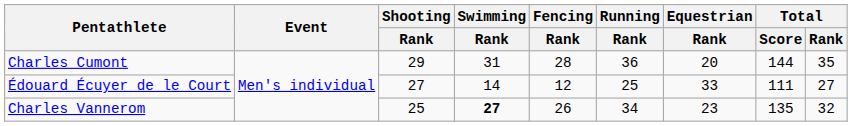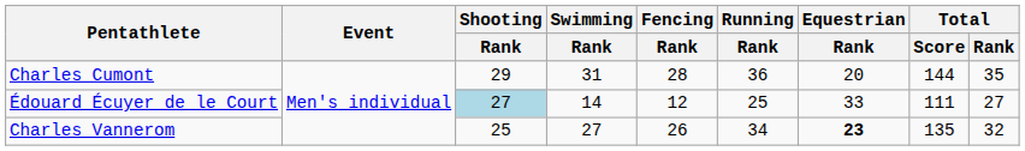 <table class=wikitable style="text-align:center">
 <tr>
 <th rowspan=2>Pentathlete</th>
 <th rowspan=2>Event</th>
 <th>Shooting</th>
 <th>Swimming</th>
 <th>Fencing</th>
 <th>Running</th>
 <th>Equestrian</th>
 <th colspan=2>Total</th>
 </tr>
 <tr>
 <th>Rank</th>
 <th>Rank</th>
 <th>Rank</th>
 <th>Rank</th>
 <th>Rank</th>
 <th>Score</th>
 <th>Rank</th>
 </tr>
 <tr>
 <td align=left><a href='#'>Charles Cumont</a></td>
 <td align=left rowspan=3><a href='#'>Men's individual</a></td>
 <td>29</td>
 <td>31</td>
 <td>28</td>
 <td>36</td>
 <td>20</td>
 <td>144</td>
 <td>35</td>
 </tr>
 <tr>
 <td align=left><a href='#'>Édouard Écuyer de le Court</a></td>
-<td>27</td>
+<td style="background: lightblue;">27</td>
 <td>14</td>
 <td>12</td>
 <td>25</td>
 <td>33</td>
 <td>111</td>
 <td>27</td>
 </tr>
 <tr>
 <td align=left><a href='#'>Charles Vannerom</a></td>
 <td>25</td>
-<td><strong>27</strong></td>
+<td>27</td>
 <td>26</td>
 <td>34</td>
-<td>23</td>
+<td><strong>23</strong></td>
 <td>135</td>
 <td>32</td>
 </tr>
 </table>
